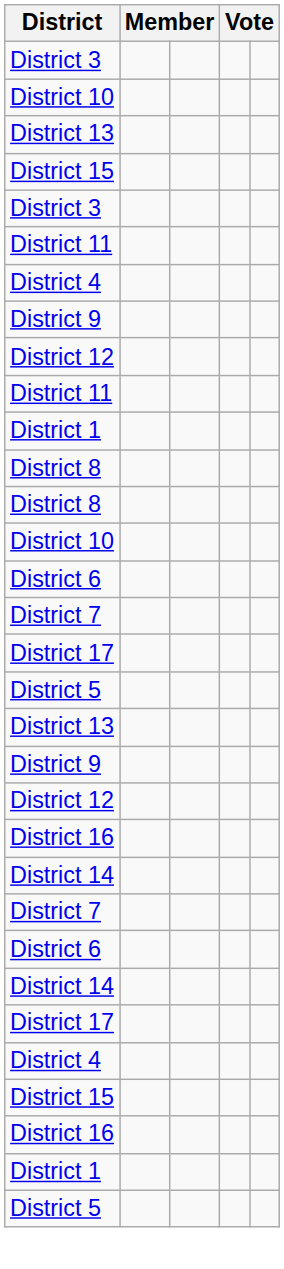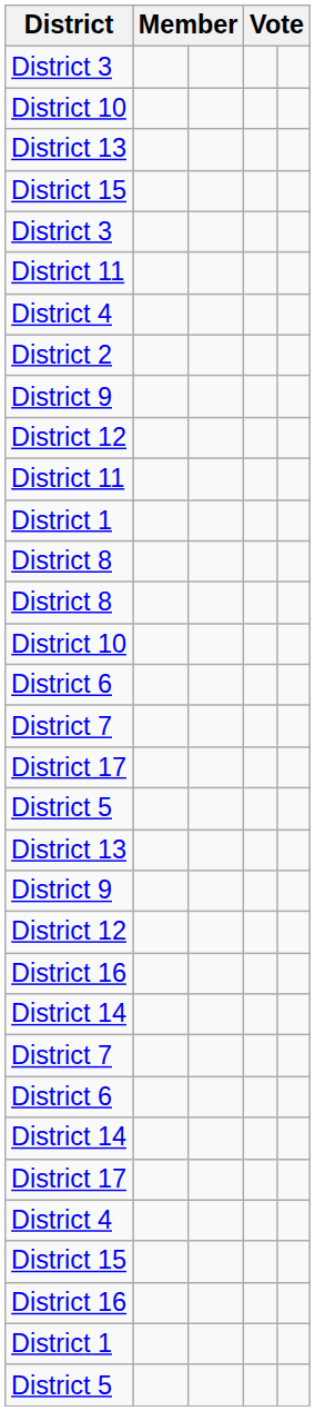 <table class="wikitable sortable mw-collapsible mw-collapsed">
 <tr>
 <th>District</th>
 <th colspan="2">Member</th>
 <th colspan="2">Vote</th>
 </tr>
 <tr>
 <td><a href='#'>District 3</a></td>
 <td style="background-color:"></td>
 <td></td>
 <td style="background-color:"></td>
 <td></td>
 </tr>
 <tr>
 <td><a href='#'>District 10</a></td>
 <td style="background-color:"></td>
 <td></td>
 <td style="background-color:"></td>
 <td></td>
 </tr>
 <tr>
 <td><a href='#'>District 13</a></td>
 <td style="background-color:"></td>
 <td></td>
 <td style="background-color:"></td>
 <td></td>
 </tr>
 <tr>
 <td><a href='#'>District 15</a></td>
 <td style="background-color:"></td>
 <td></td>
 <td style="background-color:"></td>
 <td></td>
 </tr>
 <tr>
 <td><a href='#'>District 3</a></td>
 <td style="background-color:"></td>
 <td></td>
 <td style="background-color:"></td>
 <td></td>
 </tr>
 <tr>
 <td><a href='#'>District 11</a></td>
 <td style="background-color:"></td>
 <td></td>
 <td style="background-color:"></td>
 <td></td>
 </tr>
 <tr>
 <td><a href='#'>District 4</a></td>
+<td style="background-color:"></td>
+<td></td>
+<td style="background-color:"></td>
+<td></td>
+</tr>
+<tr>
+<td><a href='#'>District 2</a></td>
 <td style="background-color:"></td>
 <td></td>
 <td style="background-color:"></td>
 <td></td>
 </tr>
 <tr>
 <td><a href='#'>District 9</a></td>
 <td style="background-color:"></td>
 <td></td>
 <td style="background-color:"></td>
 <td></td>
 </tr>
 <tr>
 <td><a href='#'>District 12</a></td>
 <td style="background-color:"></td>
 <td></td>
 <td style="background-color:"></td>
 <td></td>
 </tr>
 <tr>
 <td><a href='#'>District 11</a></td>
 <td style="background-color:"></td>
 <td></td>
 <td style="background-color:"></td>
 <td></td>
 </tr>
 <tr>
 <td><a href='#'>District 1</a></td>
 <td style="background-color:"></td>
 <td></td>
 <td style="background-color:"></td>
 <td></td>
 </tr>
 <tr>
 <td><a href='#'>District 8</a></td>
 <td style="background-color:"></td>
 <td></td>
 <td style="background-color:"></td>
 <td></td>
 </tr>
 <tr>
 <td><a href='#'>District 8</a></td>
 <td style="background-color:"></td>
 <td></td>
 <td style="background-color:"></td>
 <td></td>
 </tr>
 <tr>
 <td><a href='#'>District 10</a></td>
 <td style="background-color:"></td>
 <td></td>
 <td style="background-color:"></td>
 <td></td>
 </tr>
 <tr>
 <td><a href='#'>District 6</a></td>
 <td style="background-color:"></td>
 <td></td>
 <td style="background-color:"></td>
 <td></td>
 </tr>
 <tr>
 <td><a href='#'>District 7</a></td>
 <td style="background-color:"></td>
 <td></td>
 <td style="background-color:"></td>
 <td></td>
 </tr>
 <tr>
 <td><a href='#'>District 17</a></td>
 <td style="background-color:"></td>
 <td></td>
 <td style="background-color:"></td>
 <td></td>
 </tr>
 <tr>
 <td><a href='#'>District 5</a></td>
 <td style="background-color:"></td>
 <td></td>
 <td style="background-color:"></td>
 <td></td>
 </tr>
 <tr>
 <td><a href='#'>District 13</a></td>
 <td style="background-color:"></td>
 <td></td>
 <td style="background-color:"></td>
 <td></td>
 </tr>
 <tr>
 <td><a href='#'>District 9</a></td>
 <td style="background-color:"></td>
 <td></td>
 <td style="background-color:"></td>
 <td></td>
 </tr>
 <tr>
 <td><a href='#'>District 12</a></td>
 <td style="background-color:"></td>
 <td></td>
 <td style="background-color:"></td>
 <td></td>
 </tr>
 <tr>
 <td><a href='#'>District 16</a></td>
 <td style="background-color:"></td>
 <td></td>
 <td style="background-color:"></td>
 <td></td>
 </tr>
 <tr>
 <td><a href='#'>District 14</a></td>
 <td style="background-color:"></td>
 <td></td>
 <td style="background-color:"></td>
 <td></td>
 </tr>
 <tr>
 <td><a href='#'>District 7</a></td>
 <td style="background-color:"></td>
 <td></td>
 <td style="background-color:"></td>
 <td></td>
 </tr>
 <tr>
 <td><a href='#'>District 6</a></td>
 <td style="background-color:"></td>
 <td></td>
 <td style="background-color:"></td>
 <td></td>
 </tr>
 <tr>
 <td><a href='#'>District 14</a></td>
 <td style="background-color:"></td>
 <td></td>
 <td style="background-color:"></td>
 <td></td>
 </tr>
 <tr>
 <td><a href='#'>District 17</a></td>
 <td style="background-color:"></td>
 <td></td>
 <td style="background-color:"></td>
 <td></td>
 </tr>
 <tr>
 <td><a href='#'>District 4</a></td>
 <td style="background-color:"></td>
 <td></td>
 <td style="background-color:"></td>
 <td></td>
 </tr>
 <tr>
 <td><a href='#'>District 15</a></td>
 <td style="background-color:"></td>
 <td></td>
 <td style="background-color:"></td>
 <td></td>
 </tr>
 <tr>
 <td><a href='#'>District 16</a></td>
 <td style="background-color:"></td>
 <td></td>
 <td style="background-color:"></td>
 <td></td>
 </tr>
 <tr>
 <td><a href='#'>District 1</a></td>
 <td style="background-color:"></td>
 <td></td>
 <td style="background-color:"></td>
 <td></td>
 </tr>
 <tr>
 <td><a href='#'>District 5</a></td>
 <td style="background-color:"></td>
 <td></td>
 <td style="background-color:"></td>
 <td></td>
 </tr>
 </table>
